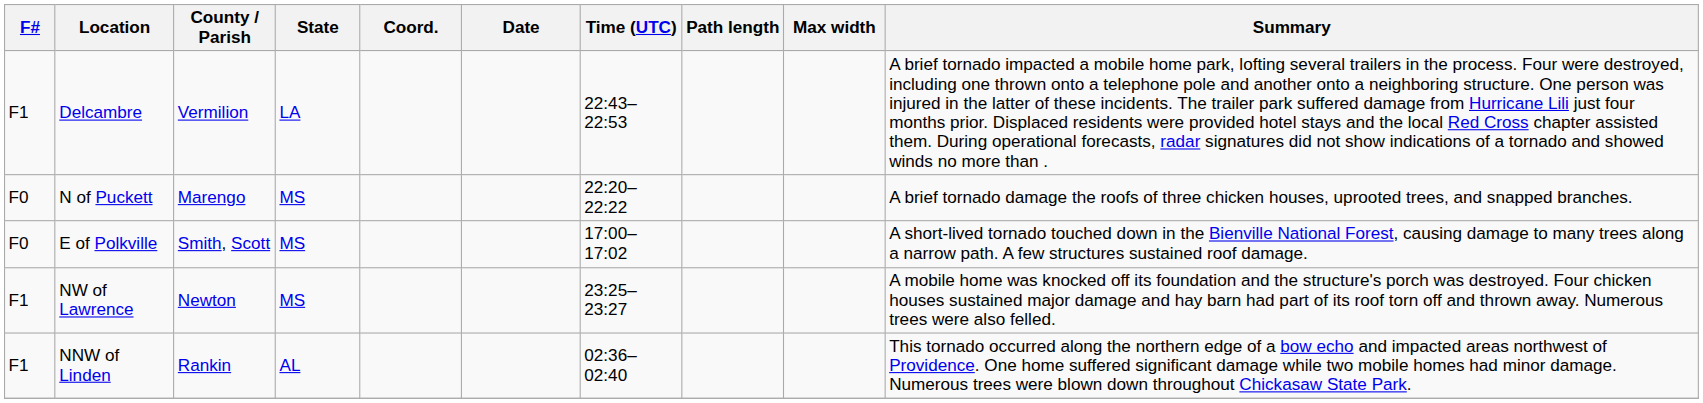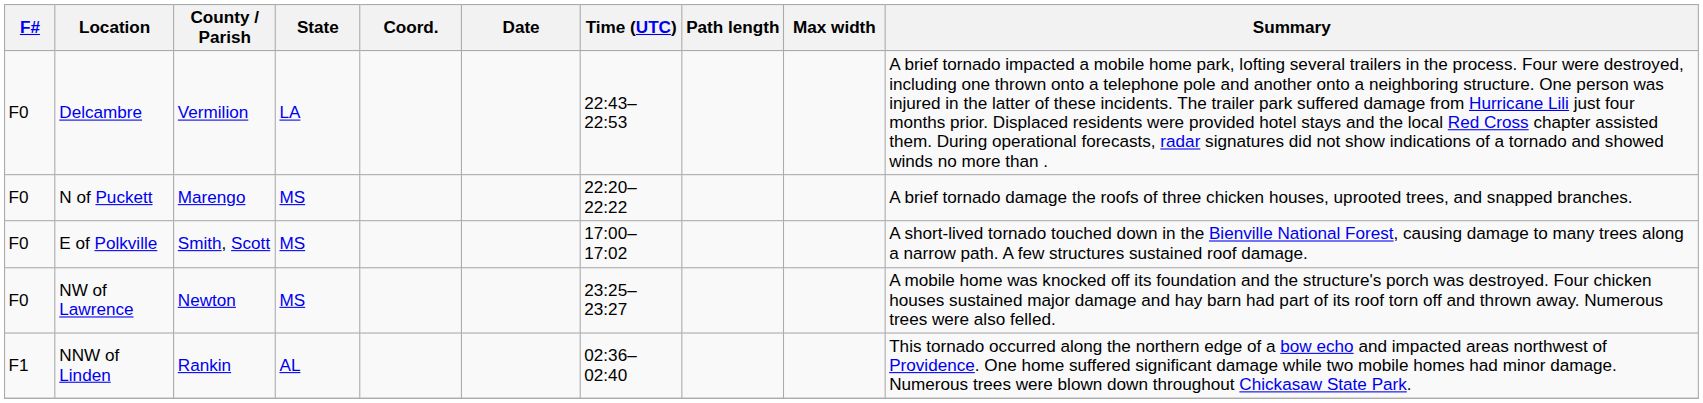 <table class="wikitable sortable" style="width:100%;">
 <tr>
 <th scope="col" width="3%" align="center"><a href='#'>F#</a></th>
 <th scope="col" width="7%" align="center" class="unsortable">Location</th>
 <th scope="col" width="6%" align="center" class="unsortable">County / Parish</th>
 <th scope="col" width="5%" align="center">State</th>
 <th scope="col" width="6%" align="center">Coord.</th>
 <th scope="col" width="7%" align="center">Date</th>
 <th scope="col" width="6%" align="center">Time (<a href='#'>UTC</a>)</th>
 <th scope="col" width="6%" align="center">Path length</th>
 <th scope="col" width="6%" align="center">Max width</th>
 <th scope="col" width="48%" class="unsortable" align="center">Summary</th>
 </tr>
 <tr>
-<td>F1</td>
+<td>F0</td>
 <td><a href='#'>Delcambre</a></td>
 <td><a href='#'>Vermilion</a></td>
 <td><a href='#'>LA</a></td>
 <td></td>
 <td></td>
 <td>22:43–22:53</td>
 <td></td>
 <td></td>
 <td>A brief tornado impacted a mobile home park, lofting several trailers in the process. Four were destroyed, including one thrown  onto a telephone pole and another onto a neighboring structure. One person was injured in the latter of these incidents. The trailer park suffered damage from <a href='#'>Hurricane Lili</a> just four months prior. Displaced residents were provided hotel stays and the local <a href='#'>Red Cross</a> chapter assisted them. During operational forecasts, <a href='#'>radar</a> signatures did not show indications of a tornado and showed winds no more than .</td>
 </tr>
 <tr>
 <td>F0</td>
 <td>N of <a href='#'>Puckett</a></td>
 <td><a href='#'>Marengo</a></td>
 <td><a href='#'>MS</a></td>
 <td></td>
 <td></td>
 <td>22:20–22:22</td>
 <td></td>
 <td></td>
 <td>A brief tornado damage the roofs of three chicken houses, uprooted trees, and snapped branches.</td>
 </tr>
 <tr>
 <td>F0</td>
 <td>E of <a href='#'>Polkville</a></td>
 <td><a href='#'>Smith</a>, <a href='#'>Scott</a></td>
 <td><a href='#'>MS</a></td>
 <td></td>
 <td></td>
 <td>17:00–17:02</td>
 <td></td>
 <td></td>
 <td>A short-lived tornado touched down in the <a href='#'>Bienville National Forest</a>, causing damage to many trees along a narrow path. A few structures sustained roof damage.</td>
 </tr>
 <tr>
-<td>F1</td>
+<td>F0</td>
 <td>NW of <a href='#'>Lawrence</a></td>
 <td><a href='#'>Newton</a></td>
 <td><a href='#'>MS</a></td>
 <td></td>
 <td></td>
 <td>23:25–23:27</td>
 <td></td>
 <td></td>
 <td>A mobile home was knocked off its foundation and the structure's porch was destroyed. Four chicken houses sustained major damage and hay barn had part of its roof torn off and thrown  away. Numerous trees were also felled.</td>
 </tr>
 <tr>
 <td>F1</td>
 <td>NNW of <a href='#'>Linden</a></td>
 <td><a href='#'>Rankin</a></td>
 <td><a href='#'>AL</a></td>
 <td></td>
 <td></td>
 <td>02:36–02:40</td>
 <td></td>
 <td></td>
 <td>This tornado occurred along the northern edge of a <a href='#'>bow echo</a> and impacted areas northwest of <a href='#'>Providence</a>. One home suffered significant damage while two mobile homes had minor damage. Numerous trees were blown down throughout <a href='#'>Chickasaw State Park</a>.</td>
 </tr>
 <tr>
 </tr>
 </table>
